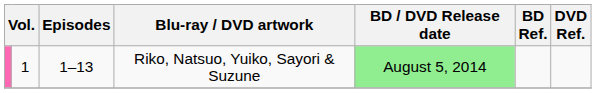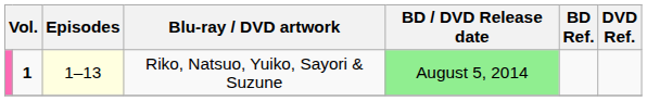 <table class="wikitable" style="text-align: center; width: 98%;">
 <tr>
 <th colspan="2">Vol.</th>
 <th>Episodes</th>
 <th>Blu-ray / DVD artwork</th>
 <th>BD / DVD Release date</th>
 <th width="5%">BD Ref.</th>
 <th width="5%">DVD Ref.</th>
 </tr>
 <tr>
 <td width="1%" style="background: HotPink;"></td>
-<td>1</td>
-<td>1–13</td>
+<td><strong>1</strong></td>
+<td style="background: lightyellow;">1–13</td>
 <td>Riko, Natsuo, Yuiko, Sayori & Suzune</td>
 <td style="background: lightgreen;">August 5, 2014</td>
 <td></td>
 <td></td>
 </tr>
 <tr>
 </tr>
 </table>
